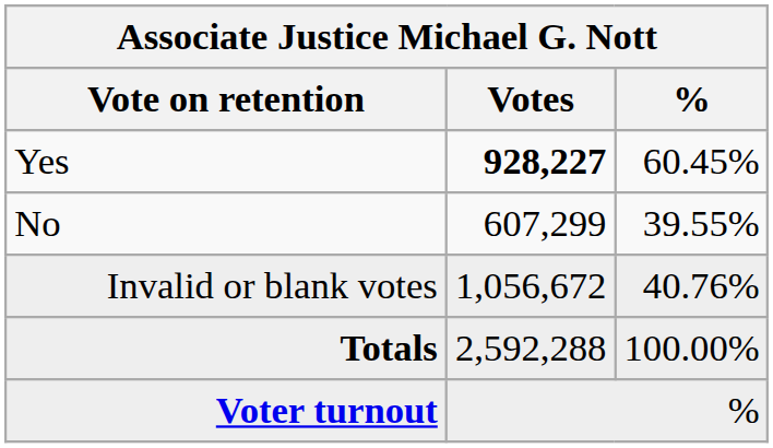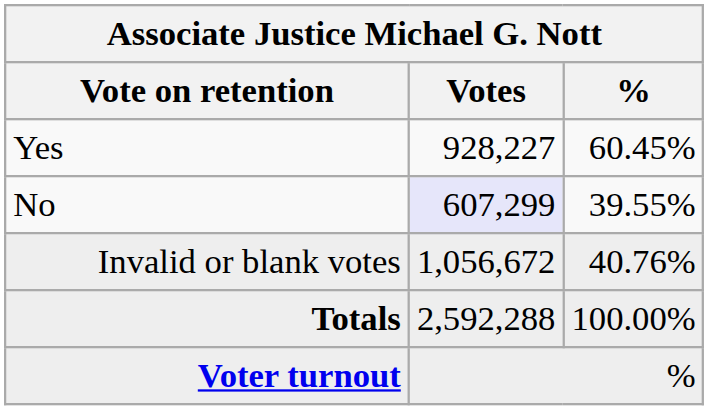 <table class="wikitable" style="font-size: 95%;">
 <tr style="background-color:#E9E9E9">
 <th colspan=7>Associate Justice Michael G. Nott</th>
 </tr>
 <tr style="background-color:#E9E9E9">
 <th style="width: 170px">Vote on retention</th>
 <th style="width: 50px">Votes</th>
 <th style="width: 40px">%</th>
 </tr>
 <tr>
 <td>Yes</td>
-<td align="right"><strong>928,227</strong></td>
+<td align="right">928,227</td>
 <td align="right">60.45%</td>
 </tr>
 <tr>
 <td>No</td>
-<td align="right">607,299</td>
+<td align="right" style="background: lavender;">607,299</td>
 <td align="right">39.55%</td>
 </tr>
 <tr style="background-color:#EEEEEE">
 <td align="right">Invalid or blank votes</td>
 <td align="right">1,056,672</td>
 <td align="right">40.76%</td>
 </tr>
 <tr style="background-color:#EEEEEE">
 <td colspan="1" align="right"><strong>Totals</strong></td>
 <td align="right">2,592,288</td>
 <td align="right">100.00%</td>
 </tr>
 <tr style="background-color:#EEEEEE">
 <td align="right"><strong><a href='#'>Voter turnout</a></strong></td>
 <td colspan="2" align="right">%</td>
 </tr>
 </table>
